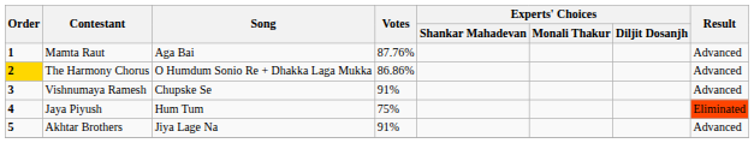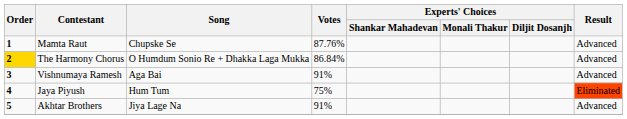 <table class="wikitable sortable mw-collapsible">
 <tr>
 <th rowspan="2">Order</th>
 <th rowspan="2">Contestant</th>
 <th rowspan="2">Song</th>
 <th rowspan="2">Votes</th>
 <th colspan="3">Experts' Choices</th>
 <th rowspan="2">Result</th>
 </tr>
 <tr>
 <th>Shankar Mahadevan</th>
 <th>Monali Thakur</th>
 <th>Diljit Dosanjh</th>
 </tr>
 <tr>
 <td><strong>1</strong></td>
 <td>Mamta Raut</td>
-<td>Aga Bai</td>
+<td>Chupske Se</td>
 <td>87.76%</td>
 <td></td>
 <td></td>
 <td></td>
 <td>Advanced</td>
 </tr>
 <tr>
 <td style="background: gold;"><strong>2</strong></td>
 <td>The Harmony Chorus</td>
 <td>O Humdum Sonio Re + Dhakka Laga Mukka</td>
-<td>86.86%</td>
+<td>86.84%</td>
 <td></td>
 <td></td>
 <td></td>
 <td>Advanced</td>
 </tr>
 <tr>
 <td><strong>3</strong></td>
 <td>Vishnumaya Ramesh</td>
-<td>Chupske Se</td>
+<td>Aga Bai</td>
 <td>91%</td>
 <td></td>
 <td></td>
 <td></td>
 <td>Advanced</td>
 </tr>
 <tr>
 <td><strong>4</strong></td>
 <td>Jaya Piyush</td>
 <td>Hum Tum</td>
 <td>75%</td>
 <td></td>
 <td></td>
 <td></td>
 <td bgcolor="#ff4444'">Eliminated</td>
 </tr>
 <tr>
 <td><strong>5</strong></td>
 <td>Akhtar Brothers</td>
 <td>Jiya Lage Na</td>
 <td>91%</td>
 <td></td>
 <td></td>
 <td></td>
 <td>Advanced</td>
 </tr>
 <tr>
 </tr>
 </table>
